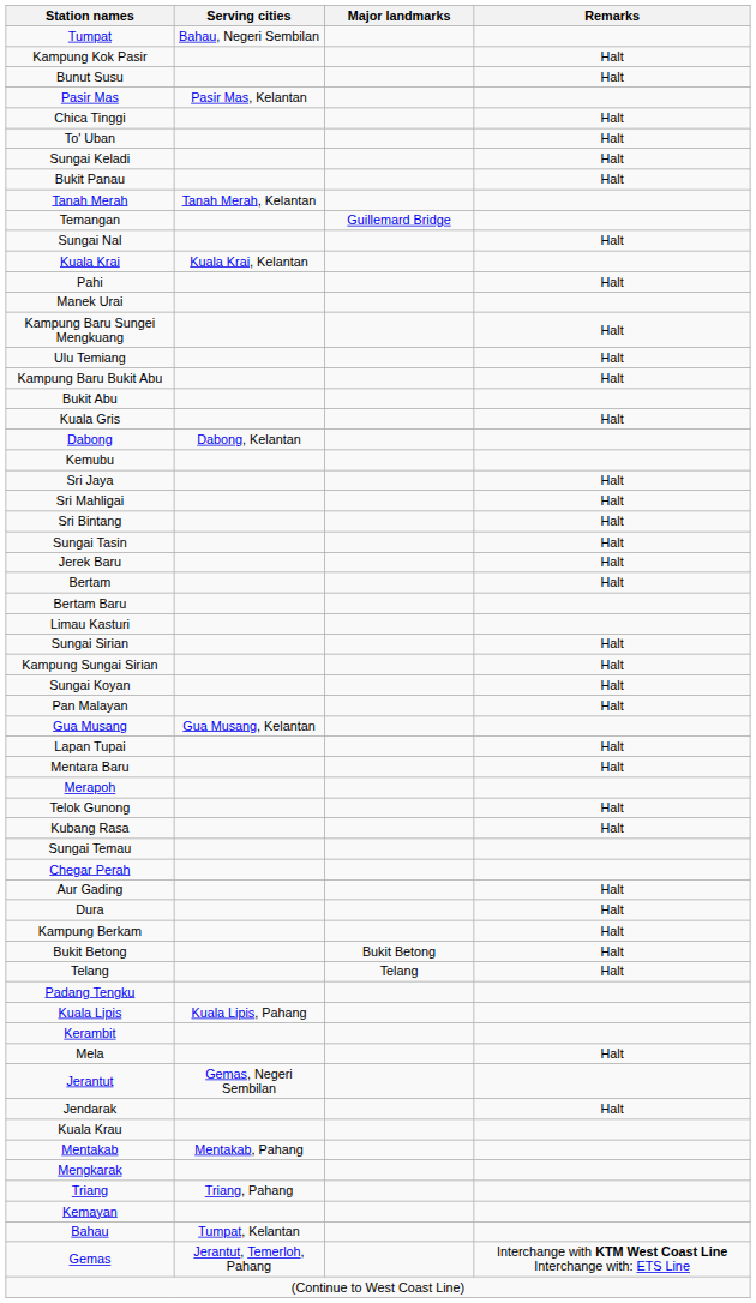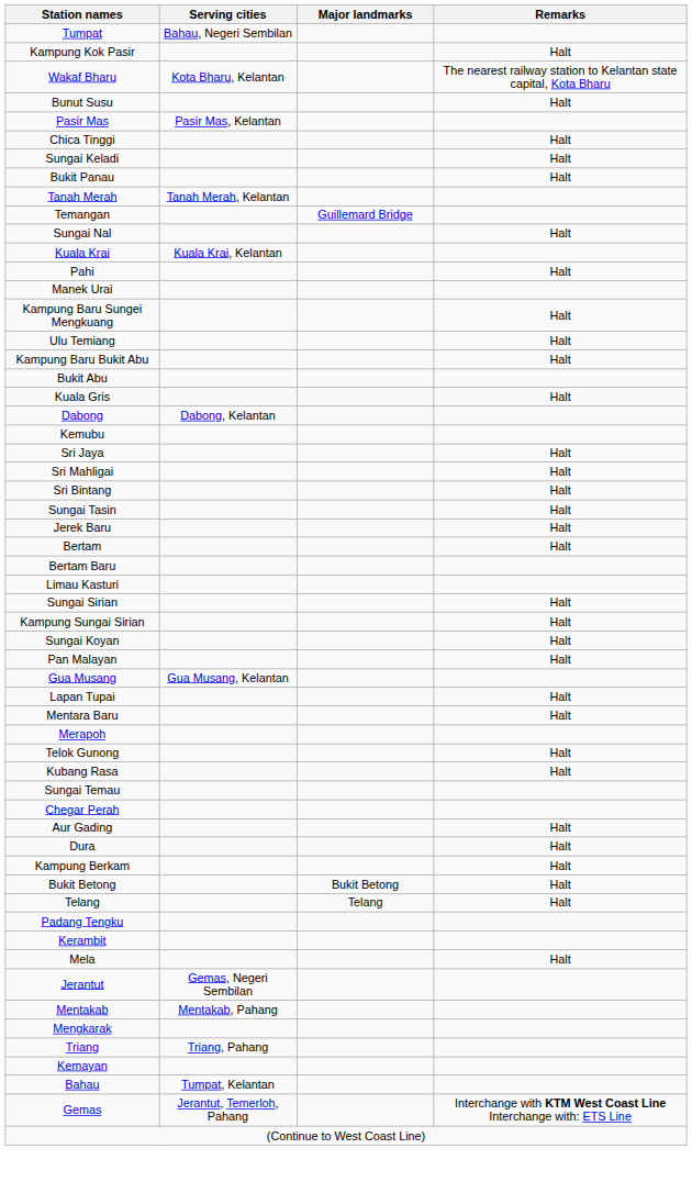 <table class="wikitable"  style="margin:auto; font-size:90%;">
 <tr>
 <th style="width:180px;">Station names</th>
 <th style="width:160px;">Serving cities</th>
 <th style="width:160px;">Major landmarks</th>
 <th style="width:300px;">Remarks</th>
 </tr>
 <tr style="text-align:center;">
 <td><a href='#'>Tumpat</a></td>
 <td><a href='#'>Bahau</a>, Negeri Sembilan</td>
 <td style="text-align:center;"></td>
 <td style="text-align:center;"></td>
 </tr>
 <tr style="text-align:center;">
 <td>Kampung Kok Pasir</td>
 <td style="text-align:center;"></td>
 <td style="text-align:center;"></td>
 <td style="text-align:center;">Halt</td>
 </tr>
 <tr style="text-align:center;">
+<td><a href='#'>Wakaf Bharu</a></td>
+<td><a href='#'>Kota Bharu</a>, Kelantan</td>
+<td style="text-align:center;"></td>
+<td style="text-align:center;">The nearest railway station to Kelantan state capital, <a href='#'>Kota Bharu</a></td>
+</tr>
+<tr style="text-align:center;">
 <td>Bunut Susu</td>
 <td style="text-align:center;"></td>
 <td style="text-align:center;"></td>
 <td style="text-align:center;">Halt</td>
 </tr>
 <tr style="text-align:center;">
 <td><a href='#'>Pasir Mas</a></td>
 <td><a href='#'>Pasir Mas</a>, Kelantan</td>
 <td style="text-align:center;"></td>
 <td style="text-align:center;"></td>
 </tr>
 <tr style="text-align:center;">
 <td>Chica Tinggi</td>
-<td style="text-align:center;"></td>
-<td style="text-align:center;"></td>
-<td style="text-align:center;">Halt</td>
-</tr>
-<tr style="text-align:center;">
-<td>To' Uban</td>
 <td style="text-align:center;"></td>
 <td style="text-align:center;"></td>
 <td style="text-align:center;">Halt</td>
 </tr>
 <tr style="text-align:center;">
 <td>Sungai Keladi</td>
 <td style="text-align:center;"></td>
 <td style="text-align:center;"></td>
 <td style="text-align:center;">Halt</td>
 </tr>
 <tr style="text-align:center;">
 <td>Bukit Panau</td>
 <td style="text-align:center;"></td>
 <td style="text-align:center;"></td>
 <td style="text-align:center;">Halt</td>
 </tr>
 <tr>
 <td style="text-align:center;"><a href='#'>Tanah Merah</a></td>
 <td style="text-align:center;"><a href='#'>Tanah Merah</a>, Kelantan</td>
 <td style="text-align:center;"></td>
 <td style="text-align:center;"></td>
 </tr>
 <tr style="text-align:center;">
 <td>Temangan</td>
 <td style="text-align:center;"></td>
 <td style="text-align:center;"><a href='#'>Guillemard Bridge</a></td>
 <td style="text-align:center;"></td>
 </tr>
 <tr style="text-align:center;">
 <td>Sungai Nal</td>
 <td style="text-align:center;"></td>
 <td style="text-align:center;"></td>
 <td style="text-align:center;">Halt</td>
 </tr>
 <tr style="text-align:center;">
 <td><a href='#'>Kuala Krai</a></td>
 <td><a href='#'>Kuala Krai</a>, Kelantan</td>
 <td style="text-align:center;"></td>
 <td style="text-align:center;"></td>
 </tr>
 <tr style="text-align:center;">
 <td>Pahi</td>
 <td style="text-align:center;"></td>
 <td style="text-align:center;"></td>
 <td style="text-align:center;">Halt</td>
 </tr>
 <tr style="text-align:center;">
 <td>Manek Urai</td>
 <td style="text-align:center;"></td>
 <td style="text-align:center;"></td>
 <td style="text-align:center;"></td>
 </tr>
 <tr style="text-align:center;">
 <td>Kampung Baru Sungei Mengkuang</td>
 <td style="text-align:center;"></td>
 <td style="text-align:center;"></td>
 <td style="text-align:center;">Halt</td>
 </tr>
 <tr style="text-align:center;">
 <td>Ulu Temiang</td>
 <td style="text-align:center;"></td>
 <td style="text-align:center;"></td>
 <td style="text-align:center;">Halt</td>
 </tr>
 <tr style="text-align:center;">
 <td>Kampung Baru Bukit Abu</td>
 <td style="text-align:center;"></td>
 <td style="text-align:center;"></td>
 <td style="text-align:center;">Halt</td>
 </tr>
 <tr style="text-align:center;">
 <td>Bukit Abu</td>
 <td style="text-align:center;"></td>
 <td style="text-align:center;"></td>
 <td style="text-align:center;"></td>
 </tr>
 <tr style="text-align:center;">
 <td>Kuala Gris</td>
 <td style="text-align:center;"></td>
 <td style="text-align:center;"></td>
 <td style="text-align:center;">Halt</td>
 </tr>
 <tr style="text-align:center;">
 <td><a href='#'>Dabong</a></td>
 <td><a href='#'>Dabong</a>, Kelantan</td>
 <td style="text-align:center;"></td>
 <td style="text-align:center;"></td>
 </tr>
 <tr style="text-align:center;">
 <td>Kemubu</td>
 <td style="text-align:center;"></td>
 <td style="text-align:center;"></td>
 <td style="text-align:center;"></td>
 </tr>
 <tr style="text-align:center;">
 <td>Sri Jaya</td>
 <td style="text-align:center;"></td>
 <td style="text-align:center;"></td>
 <td style="text-align:center;">Halt</td>
 </tr>
 <tr style="text-align:center;">
 <td>Sri Mahligai</td>
 <td style="text-align:center;"></td>
 <td style="text-align:center;"></td>
 <td style="text-align:center;">Halt</td>
 </tr>
 <tr style="text-align:center;">
 <td>Sri Bintang</td>
 <td style="text-align:center;"></td>
 <td style="text-align:center;"></td>
 <td style="text-align:center;">Halt</td>
 </tr>
 <tr style="text-align:center;">
 <td>Sungai Tasin</td>
 <td style="text-align:center;"></td>
 <td style="text-align:center;"></td>
 <td style="text-align:center;">Halt</td>
 </tr>
 <tr style="text-align:center;">
 <td>Jerek Baru</td>
 <td style="text-align:center;"></td>
 <td style="text-align:center;"></td>
 <td style="text-align:center;">Halt</td>
 </tr>
 <tr style="text-align:center;">
 <td>Bertam</td>
 <td style="text-align:center;"></td>
 <td style="text-align:center;"></td>
 <td style="text-align:center;">Halt</td>
 </tr>
 <tr style="text-align:center;">
 <td>Bertam Baru</td>
 <td style="text-align:center;"></td>
 <td style="text-align:center;"></td>
 <td style="text-align:center;"></td>
 </tr>
 <tr style="text-align:center;">
 <td>Limau Kasturi</td>
 <td style="text-align:center;"></td>
 <td style="text-align:center;"></td>
 <td style="text-align:center;"></td>
 </tr>
 <tr style="text-align:center;">
 <td>Sungai Sirian</td>
 <td style="text-align:center;"></td>
 <td style="text-align:center;"></td>
 <td style="text-align:center;">Halt</td>
 </tr>
 <tr style="text-align:center;">
 <td>Kampung Sungai Sirian</td>
 <td style="text-align:center;"></td>
 <td style="text-align:center;"></td>
 <td style="text-align:center;">Halt</td>
 </tr>
 <tr style="text-align:center;">
 <td>Sungai Koyan</td>
 <td style="text-align:center;"></td>
 <td style="text-align:center;"></td>
 <td style="text-align:center;">Halt</td>
 </tr>
 <tr style="text-align:center;">
 <td>Pan Malayan</td>
 <td style="text-align:center;"></td>
 <td style="text-align:center;"></td>
 <td style="text-align:center;">Halt</td>
 </tr>
 <tr style="text-align:center;">
 <td><a href='#'>Gua Musang</a></td>
 <td><a href='#'>Gua Musang</a>, Kelantan</td>
 <td style="text-align:center;"></td>
 <td style="text-align:center;"></td>
 </tr>
 <tr style="text-align:center;">
 <td>Lapan Tupai</td>
 <td style="text-align:center;"></td>
 <td style="text-align:center;"></td>
 <td style="text-align:center;">Halt</td>
 </tr>
 <tr style="text-align:center;">
 <td>Mentara Baru</td>
 <td style="text-align:center;"></td>
 <td style="text-align:center;"></td>
 <td style="text-align:center;">Halt</td>
 </tr>
 <tr style="text-align:center;">
 <td><a href='#'>Merapoh</a></td>
 <td style="text-align:center;"></td>
 <td style="text-align:center;"></td>
 <td style="text-align:center;"></td>
 </tr>
 <tr style="text-align:center;">
 <td>Telok Gunong</td>
 <td style="text-align:center;"></td>
 <td style="text-align:center;"></td>
 <td style="text-align:center;">Halt</td>
 </tr>
 <tr style="text-align:center;">
 <td>Kubang Rasa</td>
 <td style="text-align:center;"></td>
 <td style="text-align:center;"></td>
 <td style="text-align:center;">Halt</td>
 </tr>
 <tr style="text-align:center;">
 <td>Sungai Temau</td>
 <td style="text-align:center;"></td>
 <td style="text-align:center;"></td>
 <td style="text-align:center;"></td>
 </tr>
 <tr style="text-align:center;">
 <td><a href='#'>Chegar Perah</a></td>
 <td style="text-align:center;"></td>
 <td style="text-align:center;"></td>
 <td style="text-align:center;"></td>
 </tr>
 <tr style="text-align:center;">
 <td>Aur Gading</td>
 <td style="text-align:center;"></td>
 <td style="text-align:center;"></td>
 <td style="text-align:center;">Halt</td>
 </tr>
 <tr style="text-align:center;">
 <td>Dura</td>
 <td style="text-align:center;"></td>
 <td style="text-align:center;"></td>
 <td style="text-align:center;">Halt</td>
 </tr>
 <tr style="text-align:center;">
 <td>Kampung Berkam</td>
 <td style="text-align:center;"></td>
 <td style="text-align:center;"></td>
 <td style="text-align:center;">Halt</td>
 </tr>
 <tr style="text-align:center;">
 <td>Bukit Betong</td>
 <td style="text-align:center;"></td>
 <td style="text-align:center;">Bukit Betong</td>
 <td style="text-align:center;">Halt</td>
 </tr>
 <tr style="text-align:center;">
 <td>Telang</td>
 <td style="text-align:center;"></td>
 <td style="text-align:center;">Telang</td>
 <td style="text-align:center;">Halt</td>
 </tr>
 <tr style="text-align:center;">
 <td><a href='#'>Padang Tengku</a></td>
 <td style="text-align:center;"></td>
 <td style="text-align:center;"></td>
 <td style="text-align:center;"></td>
 </tr>
 <tr style="text-align:center;">
-<td><a href='#'>Kuala Lipis</a></td>
-<td><a href='#'>Kuala Lipis</a>, Pahang</td>
-<td style="text-align:center;"></td>
-<td style="text-align:center;"></td>
-</tr>
-<tr style="text-align:center;">
 <td><a href='#'>Kerambit</a></td>
 <td style="text-align:center;"></td>
 <td style="text-align:center;"></td>
 <td style="text-align:center;"></td>
 </tr>
 <tr style="text-align:center;">
 <td>Mela</td>
 <td style="text-align:center;"></td>
 <td style="text-align:center;"></td>
 <td style="text-align:center;">Halt</td>
 </tr>
 <tr style="text-align:center;">
 <td><a href='#'>Jerantut</a></td>
 <td><a href='#'>Gemas</a>, Negeri Sembilan</td>
-<td style="text-align:center;"></td>
-<td style="text-align:center;"></td>
-</tr>
-<tr style="text-align:center;">
-<td>Jendarak</td>
-<td style="text-align:center;"></td>
-<td style="text-align:center;"></td>
-<td style="text-align:center;">Halt</td>
-</tr>
-<tr style="text-align:center;">
-<td>Kuala Krau</td>
-<td style="text-align:center;"></td>
 <td style="text-align:center;"></td>
 <td style="text-align:center;"></td>
 </tr>
 <tr style="text-align:center;">
 <td><a href='#'>Mentakab</a></td>
 <td><a href='#'>Mentakab</a>, Pahang</td>
 <td style="text-align:center;"></td>
 <td style="text-align:center;"></td>
 </tr>
 <tr style="text-align:center;">
 <td><a href='#'>Mengkarak</a></td>
 <td style="text-align:center;"></td>
 <td style="text-align:center;"></td>
 <td style="text-align:center;"></td>
 </tr>
 <tr>
 <td style="text-align:center;"><a href='#'>Triang</a></td>
 <td style="text-align:center;"><a href='#'>Triang</a>, Pahang</td>
 <td style="text-align:center;"></td>
 <td style="text-align:center;"></td>
 </tr>
 <tr style="text-align:center;">
 <td><a href='#'>Kemayan</a></td>
 <td style="text-align:center;"></td>
 <td style="text-align:center;"></td>
 <td style="text-align:center;"></td>
 </tr>
 <tr style="text-align:center;">
 <td><a href='#'>Bahau</a></td>
 <td><a href='#'>Tumpat</a>, Kelantan</td>
 <td style="text-align:center;"></td>
 <td style="text-align:center;"></td>
 </tr>
 <tr style="text-align:center;">
 <td><a href='#'>Gemas</a></td>
 <td><a href='#'>Jerantut</a>, <a href='#'>Temerloh</a>, Pahang</td>
 <td style="text-align:center;"></td>
 <td>Interchange with <strong>KTM West Coast Line</strong><br>Interchange with:  <a href='#'>ETS Line</a></td>
 </tr>
 <tr>
 <td style="text-align:center;" colspan="4">(Continue to West Coast Line)</td>
 </tr>
 </table>
